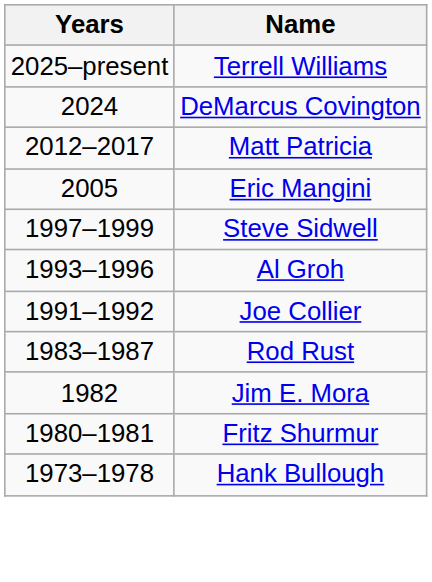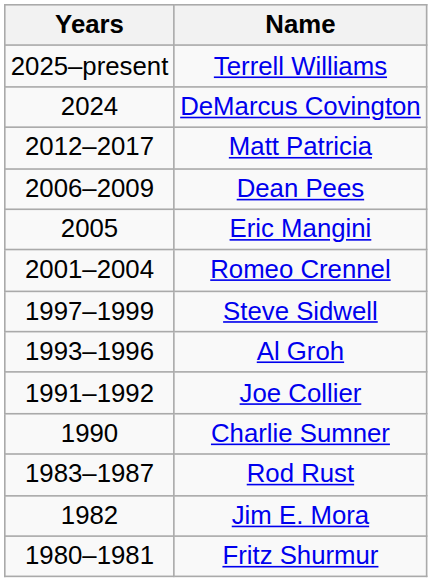 <table class="wikitable" style="text-align:center">
 <tr>
 <th>Years</th>
 <th>Name</th>
 </tr>
 <tr>
 <td>2025–present</td>
 <td><a href='#'>Terrell Williams</a></td>
 </tr>
 <tr>
 <td>2024</td>
 <td><a href='#'>DeMarcus Covington</a></td>
 </tr>
 <tr>
 <td>2012–2017</td>
 <td><a href='#'>Matt Patricia</a></td>
 </tr>
 <tr>
+<td>2006–2009</td>
+<td><a href='#'>Dean Pees</a></td>
+</tr>
+<tr>
 <td>2005</td>
 <td><a href='#'>Eric Mangini</a></td>
+</tr>
+<tr>
+<td>2001–2004</td>
+<td><a href='#'>Romeo Crennel</a></td>
 </tr>
 <tr>
 <td>1997–1999</td>
 <td><a href='#'>Steve Sidwell</a></td>
 </tr>
 <tr>
 <td>1993–1996</td>
 <td><a href='#'>Al Groh</a></td>
 </tr>
 <tr>
 <td>1991–1992</td>
 <td><a href='#'>Joe Collier</a></td>
 </tr>
 <tr>
+<td>1990</td>
+<td><a href='#'>Charlie Sumner</a></td>
+</tr>
+<tr>
 <td>1983–1987</td>
 <td><a href='#'>Rod Rust</a></td>
 </tr>
 <tr>
 <td>1982</td>
 <td><a href='#'>Jim E. Mora</a></td>
 </tr>
 <tr>
 <td>1980–1981</td>
 <td><a href='#'>Fritz Shurmur</a></td>
 </tr>
-<tr>
-<td>1973–1978</td>
-<td><a href='#'>Hank Bullough</a></td>
-</tr>
 </table>
